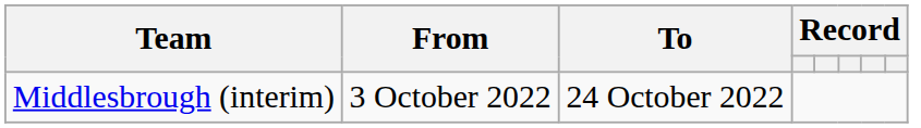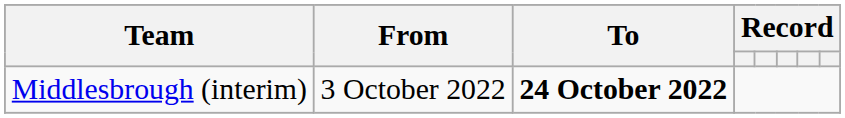 <table class=wikitable style=text-align:center>
 <tr>
 <th rowspan="2">Team</th>
 <th rowspan="2">From</th>
 <th rowspan="2">To</th>
 <th colspan="5">Record</th>
 </tr>
 <tr>
 <th></th>
 <th></th>
 <th></th>
 <th></th>
 <th></th>
 </tr>
 <tr>
 <td align=left><a href='#'>Middlesbrough</a> (interim)</td>
 <td align=left>3 October 2022</td>
-<td align=left>24 October 2022<br></td>
+<td align=left><strong>24 October 2022<br></strong></td>
 </tr>
 </table>
